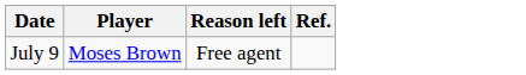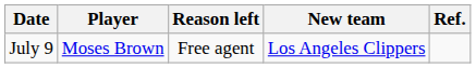 <table class="wikitable sortable sortable" style="text-align: center">
 <tr>
 <th>Date</th>
 <th>Player</th>
 <th>Reason left</th>
+<th>New team</th>
 <th>Ref.</th>
 </tr>
 <tr>
 <td>July 9</td>
 <td><a href='#'>Moses Brown</a></td>
 <td>Free agent</td>
+<td><a href='#'>Los Angeles Clippers</a></td>
 <td></td>
 </tr>
 </table>
